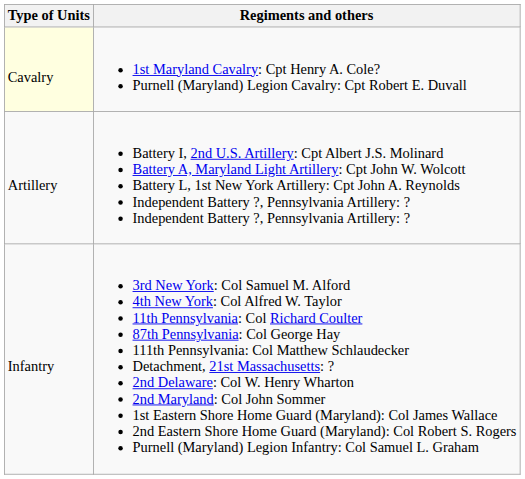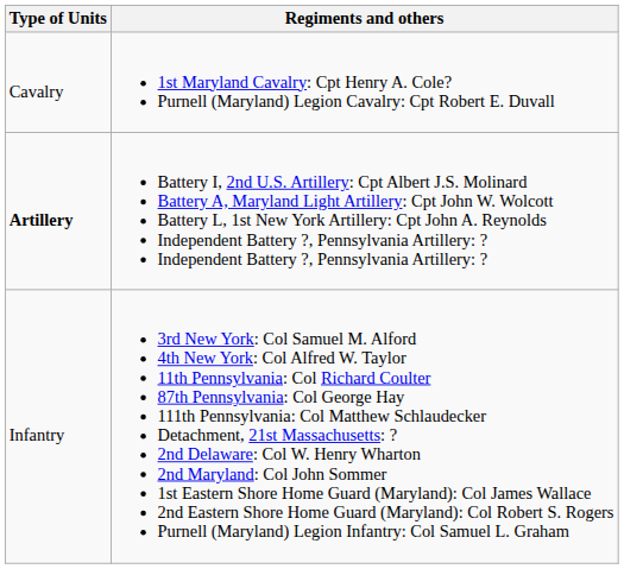 <table class="wikitable">
 <tr>
 <th>Type of Units</th>
 <th>Regiments and others</th>
 </tr>
 <tr>
-<td style="background: lightyellow;"><br>Cavalry</td>
+<td><br>Cavalry</td>
 <td><br><ul><li><a href='#'>1st Maryland Cavalry</a>: Cpt Henry A. Cole?</li><li>Purnell (Maryland) Legion Cavalry: Cpt Robert E. Duvall</li></ul></td>
 </tr>
 <tr>
-<td><br>Artillery</td>
+<td><strong><br>Artillery</strong></td>
 <td><br><ul><li>Battery I, <a href='#'>2nd U.S. Artillery</a>: Cpt Albert J.S. Molinard</li><li><a href='#'>Battery A, Maryland Light Artillery</a>: Cpt John W. Wolcott</li><li>Battery L, 1st New York Artillery: Cpt John A. Reynolds</li><li>Independent Battery ?, Pennsylvania Artillery: ?</li><li>Independent Battery ?, Pennsylvania Artillery: ?</li></ul></td>
 </tr>
 <tr>
 <td><br>Infantry</td>
 <td><br><ul><li><a href='#'>3rd New York</a>: Col Samuel M. Alford</li><li><a href='#'>4th New York</a>: Col Alfred W. Taylor</li><li><a href='#'>11th Pennsylvania</a>: Col <a href='#'>Richard Coulter</a></li><li><a href='#'>87th Pennsylvania</a>: Col George Hay</li><li>111th Pennsylvania: Col Matthew Schlaudecker</li><li>Detachment, <a href='#'>21st Massachusetts</a>: ?</li><li><a href='#'>2nd Delaware</a>: Col W. Henry Wharton</li><li><a href='#'>2nd Maryland</a>: Col John Sommer</li><li>1st Eastern Shore Home Guard (Maryland): Col James Wallace</li><li>2nd Eastern Shore Home Guard (Maryland): Col Robert S. Rogers</li><li>Purnell (Maryland) Legion Infantry: Col Samuel L. Graham</li></ul></td>
 </tr>
 </table>
